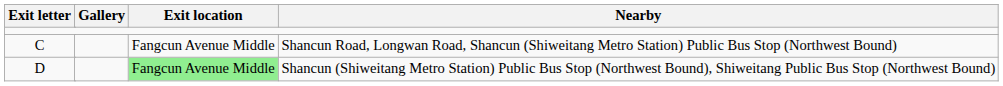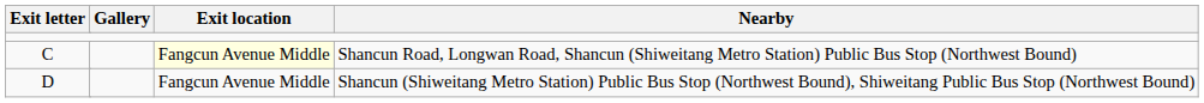 <table class="wikitable">
 <tr>
 <th style="width:70px" colspan="3">Exit letter</th>
 <th>Gallery</th>
 <th>Exit location</th>
 <th>Nearby</th>
 </tr>
 <tr style="background:#">
 <td colspan = "6"></td>
 </tr>
 <tr>
 <td align="center" colspan="3">C</td>
 <td></td>
-<td>Fangcun Avenue Middle</td>
+<td style="background: lightyellow;">Fangcun Avenue Middle</td>
 <td>Shancun Road, Longwan Road, Shancun (Shiweitang Metro Station) Public Bus Stop (Northwest Bound)</td>
 </tr>
 <tr>
 <td align="center" colspan="3">D</td>
 <td></td>
-<td style="background: lightgreen;">Fangcun Avenue Middle</td>
+<td>Fangcun Avenue Middle</td>
 <td>Shancun (Shiweitang Metro Station) Public Bus Stop (Northwest Bound), Shiweitang Public Bus Stop (Northwest Bound)</td>
 </tr>
 </table>
